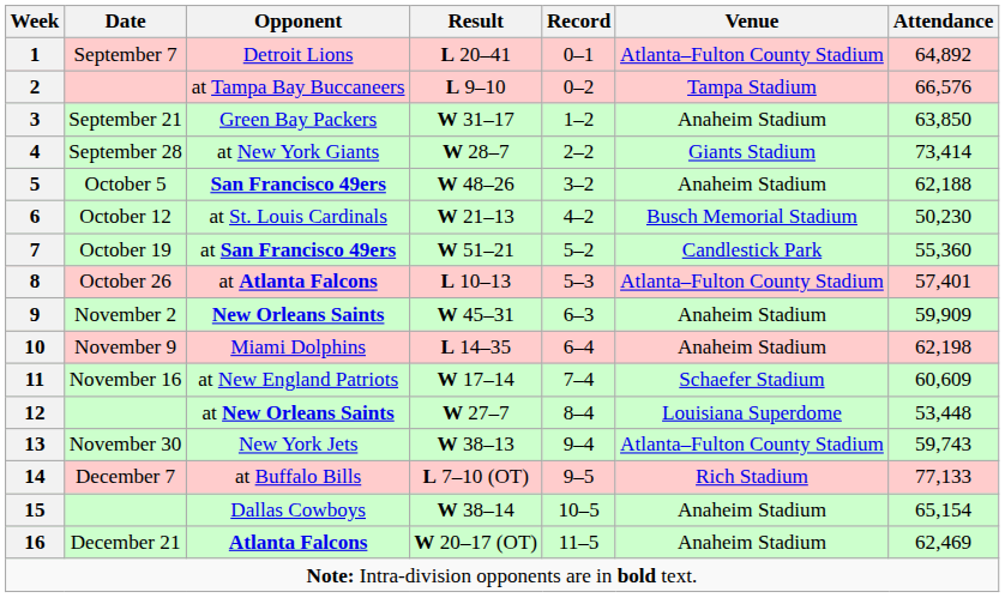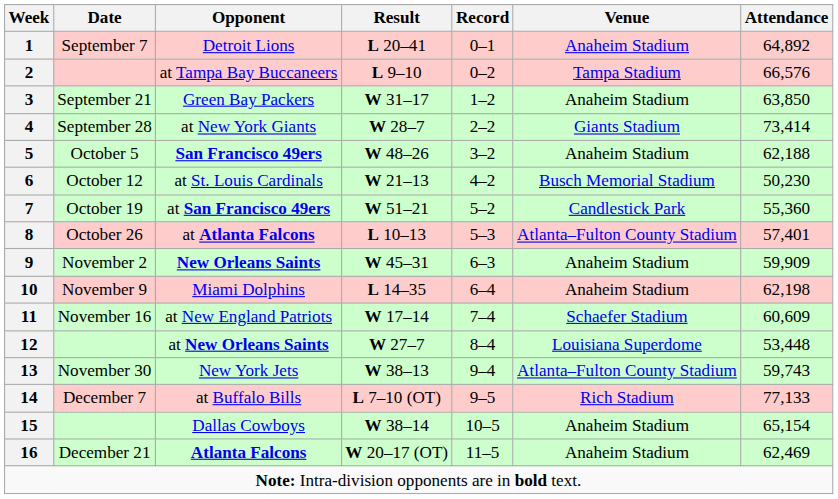 <table class="wikitable" style="text-align:center">
 <tr>
 <th>Week</th>
 <th>Date</th>
 <th>Opponent</th>
 <th>Result</th>
 <th>Record</th>
 <th>Venue</th>
 <th>Attendance</th>
 </tr>
 <tr style="background:#fcc">
 <th>1</th>
 <td>September 7</td>
 <td><a href='#'>Detroit Lions</a></td>
 <td><strong>L</strong> 20–41</td>
 <td>0–1</td>
-<td><a href='#'>Atlanta–Fulton County Stadium</a></td>
+<td><a href='#'>Anaheim Stadium</a></td>
 <td>64,892</td>
 </tr>
 <tr style="background:#fcc">
 <th>2</th>
 <td></td>
 <td>at <a href='#'>Tampa Bay Buccaneers</a></td>
 <td><strong>L</strong> 9–10</td>
 <td>0–2</td>
 <td><a href='#'>Tampa Stadium</a></td>
 <td>66,576</td>
 </tr>
 <tr style="background:#cfc">
 <th>3</th>
 <td>September 21</td>
 <td><a href='#'>Green Bay Packers</a></td>
 <td><strong>W</strong> 31–17</td>
 <td>1–2</td>
 <td>Anaheim Stadium</td>
 <td>63,850</td>
 </tr>
 <tr style="background:#cfc">
 <th>4</th>
 <td>September 28</td>
 <td>at <a href='#'>New York Giants</a></td>
 <td><strong>W</strong> 28–7</td>
 <td>2–2</td>
 <td><a href='#'>Giants Stadium</a></td>
 <td>73,414</td>
 </tr>
 <tr style="background:#cfc">
 <th>5</th>
 <td>October 5</td>
 <td><strong><a href='#'>San Francisco 49ers</a></strong></td>
 <td><strong>W</strong> 48–26</td>
 <td>3–2</td>
 <td>Anaheim Stadium</td>
 <td>62,188</td>
 </tr>
 <tr style="background:#cfc">
 <th>6</th>
 <td>October 12</td>
 <td>at <a href='#'>St. Louis Cardinals</a></td>
 <td><strong>W</strong> 21–13</td>
 <td>4–2</td>
 <td><a href='#'>Busch Memorial Stadium</a></td>
 <td>50,230</td>
 </tr>
 <tr style="background:#cfc">
 <th>7</th>
 <td>October 19</td>
 <td>at <strong><a href='#'>San Francisco 49ers</a></strong></td>
 <td><strong>W</strong> 51–21</td>
 <td>5–2</td>
 <td><a href='#'>Candlestick Park</a></td>
 <td>55,360</td>
 </tr>
 <tr style="background:#fcc">
 <th>8</th>
 <td>October 26</td>
 <td>at <strong><a href='#'>Atlanta Falcons</a></strong></td>
 <td><strong>L</strong> 10–13</td>
 <td>5–3</td>
 <td><a href='#'>Atlanta–Fulton County Stadium</a></td>
 <td>57,401</td>
 </tr>
 <tr style="background:#cfc">
 <th>9</th>
 <td>November 2</td>
 <td><strong><a href='#'>New Orleans Saints</a></strong></td>
 <td><strong>W</strong> 45–31</td>
 <td>6–3</td>
 <td>Anaheim Stadium</td>
 <td>59,909</td>
 </tr>
 <tr style="background:#fcc">
 <th>10</th>
 <td>November 9</td>
 <td><a href='#'>Miami Dolphins</a></td>
 <td><strong>L</strong> 14–35</td>
 <td>6–4</td>
 <td>Anaheim Stadium</td>
 <td>62,198</td>
 </tr>
 <tr style="background:#cfc">
 <th>11</th>
 <td>November 16</td>
 <td>at <a href='#'>New England Patriots</a></td>
 <td><strong>W</strong> 17–14</td>
 <td>7–4</td>
 <td><a href='#'>Schaefer Stadium</a></td>
 <td>60,609</td>
 </tr>
 <tr style="background:#cfc">
 <th>12</th>
 <td></td>
 <td>at <strong><a href='#'>New Orleans Saints</a></strong></td>
 <td><strong>W</strong> 27–7</td>
 <td>8–4</td>
 <td><a href='#'>Louisiana Superdome</a></td>
 <td>53,448</td>
 </tr>
 <tr style="background:#cfc">
 <th>13</th>
 <td>November 30</td>
 <td><a href='#'>New York Jets</a></td>
 <td><strong>W</strong> 38–13</td>
 <td>9–4</td>
 <td><a href='#'>Atlanta–Fulton County Stadium</a></td>
 <td>59,743</td>
 </tr>
 <tr style="background:#fcc">
 <th>14</th>
 <td>December 7</td>
 <td>at <a href='#'>Buffalo Bills</a></td>
 <td><strong>L</strong> 7–10 (OT)</td>
 <td>9–5</td>
 <td><a href='#'>Rich Stadium</a></td>
 <td>77,133</td>
 </tr>
 <tr style="background:#cfc">
 <th>15</th>
 <td></td>
 <td><a href='#'>Dallas Cowboys</a></td>
 <td><strong>W</strong> 38–14</td>
 <td>10–5</td>
 <td>Anaheim Stadium</td>
 <td>65,154</td>
 </tr>
 <tr style="background:#cfc">
 <th>16</th>
 <td>December 21</td>
 <td><strong><a href='#'>Atlanta Falcons</a></strong></td>
 <td><strong>W</strong> 20–17 (OT)</td>
 <td>11–5</td>
 <td>Anaheim Stadium</td>
 <td>62,469</td>
 </tr>
 <tr>
 <td colspan="8"><strong>Note:</strong> Intra-division opponents are in <strong>bold</strong> text.</td>
 </tr>
 </table>
